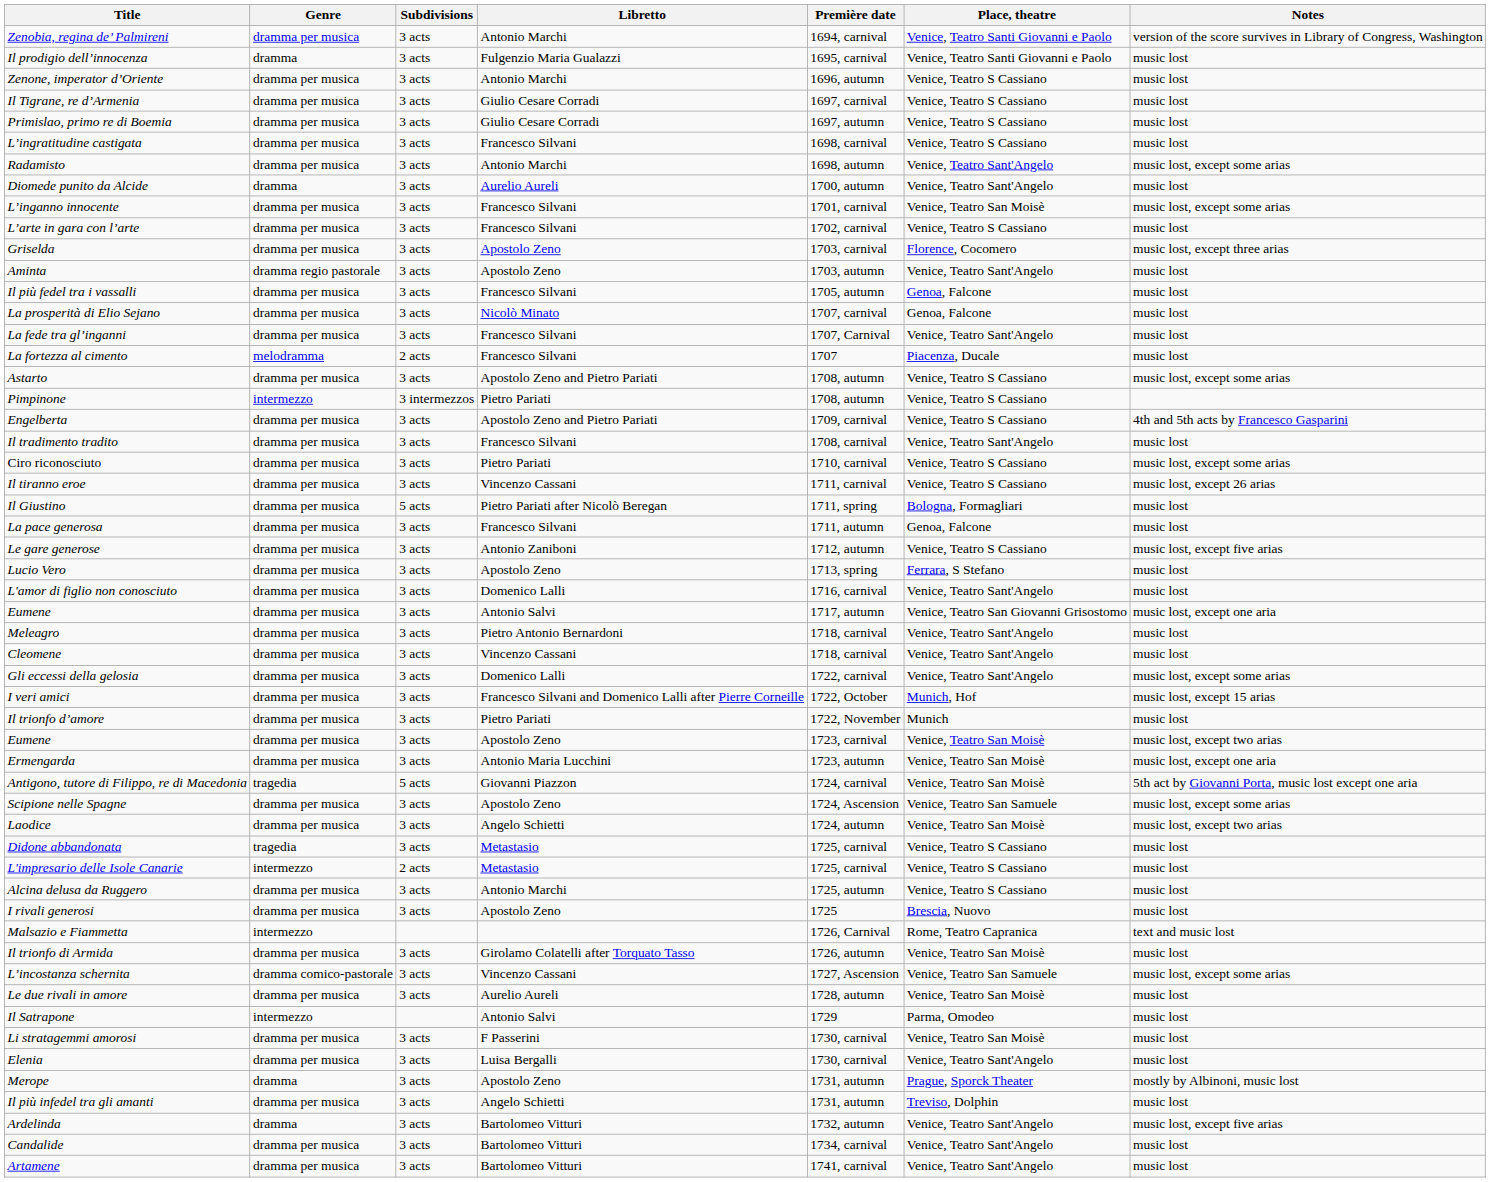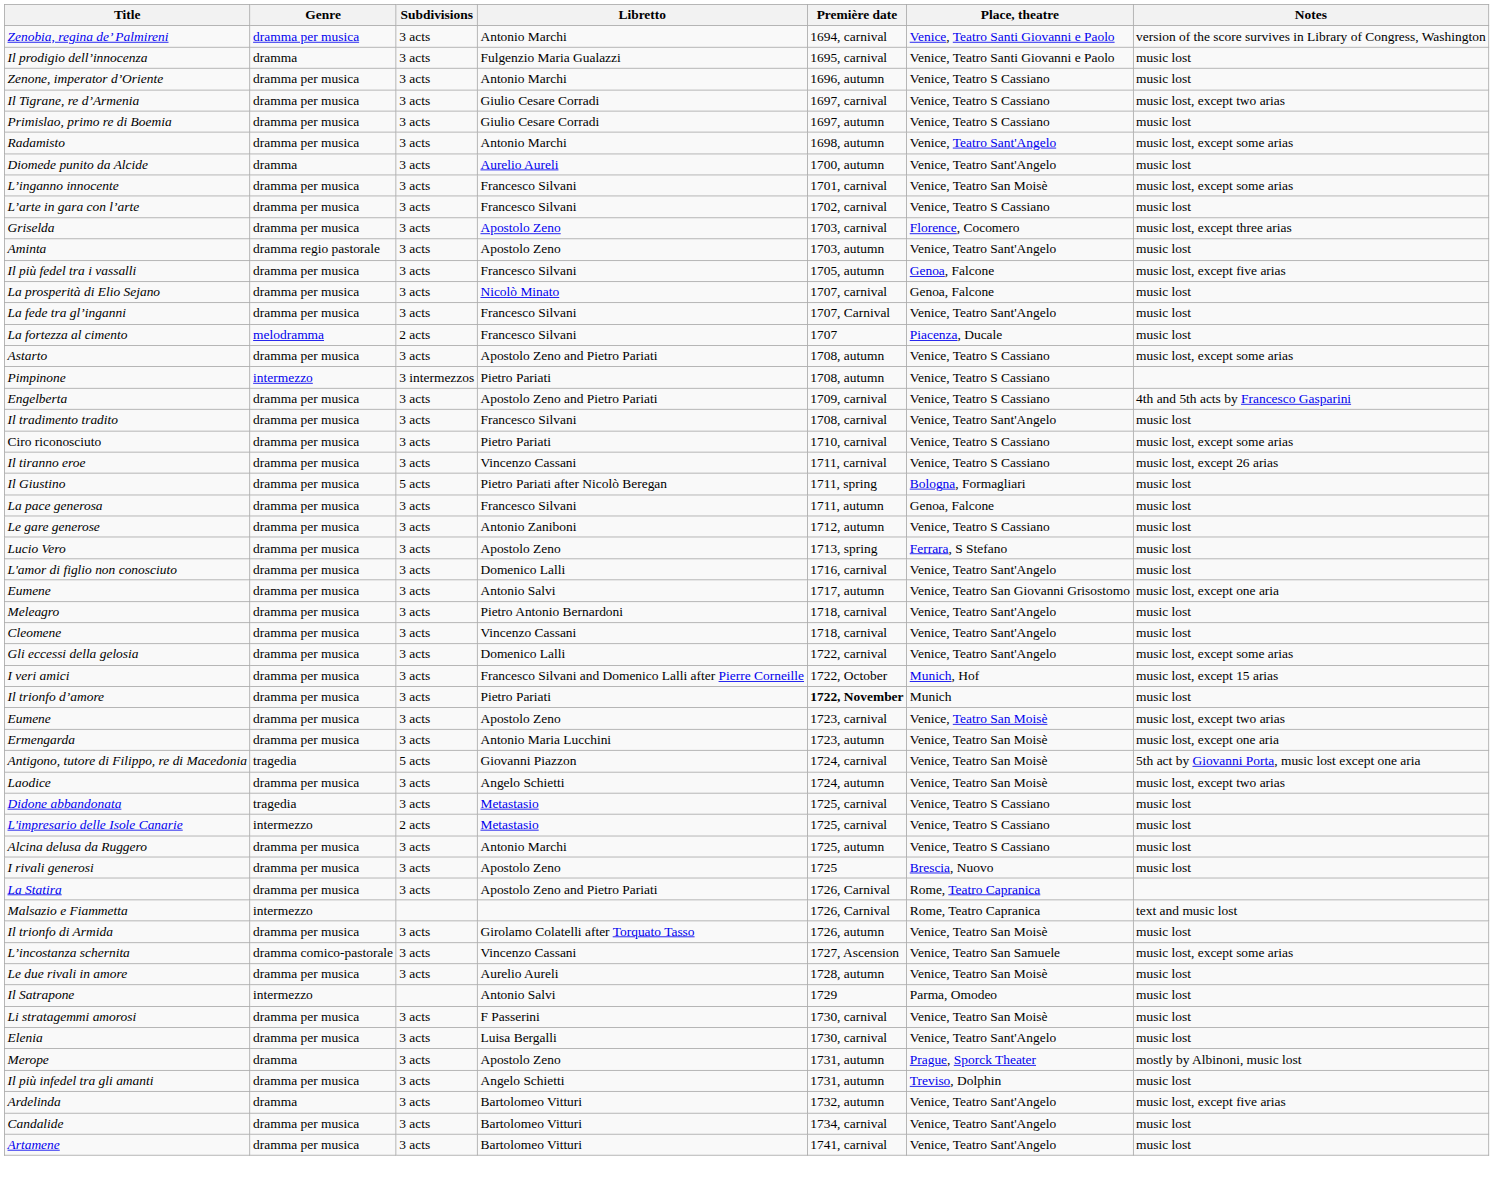 <table class="wikitable sortable" border="1">
 <tr>
 <th>Title</th>
 <th>Genre</th>
 <th>Sub­divisions</th>
 <th>Libretto</th>
 <th>Première date</th>
 <th>Place, theatre</th>
 <th class="unsortable">Notes</th>
 </tr>
 <tr>
 <td><em><a href='#'>Zenobia, regina de’ Palmireni</a></em></td>
 <td><a href='#'>dramma per musica</a></td>
 <td>3 acts</td>
 <td>Antonio Marchi</td>
 <td>1694, carnival</td>
 <td><a href='#'>Venice</a>, <a href='#'>Teatro Santi Giovanni e Paolo</a></td>
 <td>version of the score survives in Library of Congress, Washington</td>
 </tr>
 <tr>
 <td><em>Il prodigio dell’innocenza</em></td>
 <td>dramma</td>
 <td>3 acts</td>
 <td>Fulgenzio Maria Gualazzi</td>
 <td>1695, carnival</td>
 <td>Venice, Teatro Santi Giovanni e Paolo</td>
 <td>music lost</td>
 </tr>
 <tr>
 <td><em>Zenone, imperator d’Oriente</em></td>
 <td>dramma per musica</td>
 <td>3 acts</td>
 <td>Antonio Marchi</td>
 <td>1696, autumn</td>
 <td>Venice, Teatro S Cassiano</td>
 <td>music lost</td>
 </tr>
 <tr>
 <td><em>Il Tigrane, re d’Armenia</em></td>
 <td>dramma per musica</td>
 <td>3 acts</td>
 <td>Giulio Cesare Corradi</td>
 <td>1697, carnival</td>
 <td>Venice, Teatro S Cassiano</td>
-<td>music lost</td>
+<td>music lost, except two arias</td>
 </tr>
 <tr>
 <td><em>Primislao, primo re di Boemia</em></td>
 <td>dramma per musica</td>
 <td>3 acts</td>
 <td>Giulio Cesare Corradi</td>
 <td>1697, autumn</td>
-<td>Venice, Teatro S Cassiano</td>
-<td>music lost</td>
-</tr>
-<tr>
-<td><em>L’ingratitudine castigata</em></td>
-<td>dramma per musica</td>
-<td>3 acts</td>
-<td>Francesco Silvani</td>
-<td>1698, carnival</td>
 <td>Venice, Teatro S Cassiano</td>
 <td>music lost</td>
 </tr>
 <tr>
 <td><em>Radamisto</em></td>
 <td>dramma per musica</td>
 <td>3 acts</td>
 <td>Antonio Marchi</td>
 <td>1698, autumn</td>
 <td>Venice, <a href='#'>Teatro Sant'Angelo</a></td>
 <td>music lost, except some arias</td>
 </tr>
 <tr>
 <td><em>Diomede punito da Alcide</em></td>
 <td>dramma</td>
 <td>3 acts</td>
 <td> <a href='#'>Aurelio Aureli</a></td>
 <td>1700, autumn</td>
 <td>Venice, Teatro Sant'Angelo</td>
 <td>music lost</td>
 </tr>
 <tr>
 <td><em>L’inganno innocente</em></td>
 <td>dramma per musica</td>
 <td>3 acts</td>
 <td>Francesco Silvani</td>
 <td>1701, carnival</td>
 <td>Venice, Teatro San Moisè</td>
 <td>music lost, except some arias</td>
 </tr>
 <tr>
 <td><em>L’arte in gara con l’arte</em></td>
 <td>dramma per musica</td>
 <td>3 acts</td>
 <td>Francesco Silvani</td>
 <td>1702, carnival</td>
 <td>Venice, Teatro S Cassiano</td>
 <td>music lost</td>
 </tr>
 <tr>
 <td><em>Griselda</em></td>
 <td>dramma per musica</td>
 <td>3 acts</td>
 <td><a href='#'>Apostolo Zeno</a></td>
 <td>1703, carnival</td>
 <td><a href='#'>Florence</a>, Cocomero</td>
 <td>music lost, except three arias</td>
 </tr>
 <tr>
 <td><em>Aminta</em></td>
 <td>dramma regio pastorale</td>
 <td>3 acts</td>
 <td>Apostolo Zeno</td>
 <td>1703, autumn</td>
 <td>Venice, Teatro Sant'Angelo</td>
 <td>music lost</td>
 </tr>
 <tr>
 <td><em>Il più fedel tra i vassalli</em></td>
 <td>dramma per musica</td>
 <td>3 acts</td>
 <td>Francesco Silvani</td>
 <td>1705, autumn</td>
 <td><a href='#'>Genoa</a>, Falcone</td>
-<td>music lost</td>
+<td>music lost, except five arias</td>
 </tr>
 <tr>
 <td><em>La prosperità di Elio Sejano</em></td>
 <td>dramma per musica</td>
 <td>3 acts</td>
 <td><a href='#'>Nicolò Minato</a></td>
 <td>1707, carnival</td>
 <td>Genoa, Falcone</td>
 <td>music lost</td>
 </tr>
 <tr>
 <td><em>La fede tra gl’inganni</em></td>
 <td>dramma per musica</td>
 <td>3 acts</td>
 <td>Francesco Silvani</td>
 <td>1707, Carnival</td>
 <td>Venice, Teatro Sant'Angelo</td>
 <td>music lost</td>
 </tr>
 <tr>
 <td><em>La fortezza al cimento</em></td>
 <td><a href='#'>melodramma</a></td>
 <td>2 acts</td>
 <td>Francesco Silvani</td>
 <td>1707</td>
 <td><a href='#'>Piacenza</a>, Ducale</td>
 <td>music lost</td>
 </tr>
 <tr>
 <td><em>Astarto</em></td>
 <td>dramma per musica</td>
 <td>3 acts</td>
 <td>Apostolo Zeno and Pietro Pariati</td>
 <td>1708, autumn</td>
 <td>Venice, Teatro S Cassiano</td>
 <td>music lost, except some arias</td>
 </tr>
 <tr>
 <td><em>Pimpinone</em></td>
 <td><a href='#'>intermezzo</a></td>
 <td>3 intermezzos</td>
 <td>Pietro Pariati</td>
 <td>1708, autumn</td>
 <td>Venice, Teatro S Cassiano</td>
 <td></td>
 </tr>
 <tr>
 <td><em>Engelberta</em></td>
 <td>dramma per musica</td>
 <td>3 acts</td>
 <td>Apostolo Zeno and Pietro Pariati</td>
 <td>1709, carnival</td>
 <td>Venice, Teatro S Cassiano</td>
 <td>4th and 5th acts by <a href='#'>Francesco Gasparini</a></td>
 </tr>
 <tr>
 <td><em>Il tradimento tradito</em></td>
 <td>dramma per musica</td>
 <td>3 acts</td>
 <td>Francesco Silvani</td>
 <td>1708, carnival</td>
 <td>Venice, Teatro Sant'Angelo</td>
 <td>music lost</td>
 </tr>
 <tr>
 <td>Ciro riconosciuto</td>
 <td>dramma per musica</td>
 <td>3 acts</td>
 <td>Pietro Pariati</td>
 <td>1710, carnival</td>
 <td>Venice, Teatro S Cassiano</td>
 <td>music lost, except some arias</td>
 </tr>
 <tr>
 <td><em>Il tiranno eroe</em></td>
 <td>dramma per musica</td>
 <td>3 acts</td>
 <td>Vincenzo Cassani</td>
 <td>1711, carnival</td>
 <td>Venice, Teatro S Cassiano</td>
 <td>music lost, except 26 arias</td>
 </tr>
 <tr>
 <td><em>Il Giustino</em></td>
 <td>dramma per musica</td>
 <td>5 acts</td>
 <td>Pietro Pariati after Nicolò Beregan</td>
 <td>1711, spring</td>
 <td><a href='#'>Bologna</a>, Formagliari</td>
 <td>music lost</td>
 </tr>
 <tr>
 <td><em>La pace generosa</em></td>
 <td>dramma per musica</td>
 <td>3 acts</td>
 <td>Francesco Silvani</td>
 <td>1711, autumn</td>
 <td>Genoa, Falcone</td>
 <td>music lost</td>
 </tr>
 <tr>
 <td><em>Le gare generose</em></td>
 <td>dramma per musica</td>
 <td>3 acts</td>
 <td>Antonio Zaniboni</td>
 <td>1712, autumn</td>
 <td>Venice, Teatro S Cassiano</td>
-<td>music lost, except five arias</td>
+<td>music lost</td>
 </tr>
 <tr>
 <td><em>Lucio Vero</em></td>
 <td>dramma per musica</td>
 <td>3 acts</td>
 <td>Apostolo Zeno</td>
 <td>1713, spring</td>
 <td><a href='#'>Ferrara</a>, S Stefano</td>
 <td>music lost</td>
 </tr>
 <tr>
 <td><em>L'amor di figlio non conosciuto</em></td>
 <td>dramma per musica</td>
 <td>3 acts</td>
 <td>Domenico Lalli</td>
 <td>1716, carnival</td>
 <td>Venice, Teatro Sant'Angelo</td>
 <td>music lost</td>
 </tr>
 <tr>
 <td><em>Eumene</em></td>
 <td>dramma per musica</td>
 <td>3 acts</td>
 <td>Antonio Salvi</td>
 <td>1717, autumn</td>
 <td>Venice, Teatro San Giovanni Grisostomo</td>
 <td>music lost, except one aria</td>
 </tr>
 <tr>
 <td><em>Meleagro</em></td>
 <td>dramma per musica</td>
 <td>3 acts</td>
 <td>Pietro Antonio Bernardoni</td>
 <td>1718, carnival</td>
 <td>Venice, Teatro Sant'Angelo</td>
 <td>music lost</td>
 </tr>
 <tr>
 <td><em>Cleomene</em></td>
 <td>dramma per musica</td>
 <td>3 acts</td>
 <td>Vincenzo Cassani</td>
 <td>1718, carnival</td>
 <td>Venice, Teatro Sant'Angelo</td>
 <td>music lost</td>
 </tr>
 <tr>
 <td><em>Gli eccessi della gelosia</em></td>
 <td>dramma per musica</td>
 <td>3 acts</td>
 <td>Domenico Lalli</td>
 <td>1722, carnival</td>
 <td>Venice, Teatro Sant'Angelo</td>
 <td>music lost, except some arias</td>
 </tr>
 <tr>
 <td><em>I veri amici</em></td>
 <td>dramma per musica</td>
 <td>3 acts</td>
 <td>Francesco Silvani and Domenico Lalli after <a href='#'>Pierre Corneille</a></td>
 <td>1722, October</td>
 <td><a href='#'>Munich</a>, Hof</td>
 <td>music lost, except 15 arias</td>
 </tr>
 <tr>
 <td><em>Il trionfo d’amore</em></td>
 <td>dramma per musica</td>
 <td>3 acts</td>
 <td>Pietro Pariati</td>
-<td>1722, November</td>
+<td><strong>1722, November</strong></td>
 <td>Munich</td>
 <td>music lost</td>
 </tr>
 <tr>
 <td><em>Eumene</em></td>
 <td>dramma per musica</td>
 <td>3 acts</td>
 <td>Apostolo Zeno</td>
 <td>1723, carnival</td>
 <td>Venice, <a href='#'>Teatro San Moisè</a></td>
 <td>music lost, except two arias</td>
 </tr>
 <tr>
 <td><em>Ermengarda</em></td>
 <td>dramma per musica</td>
 <td>3 acts</td>
 <td>Antonio Maria Lucchini</td>
 <td>1723, autumn</td>
 <td>Venice, Teatro San Moisè</td>
 <td>music lost, except one aria</td>
 </tr>
 <tr>
 <td><em>Antigono, tutore di Filippo, re di Macedonia</em></td>
 <td>tragedia</td>
 <td>5 acts</td>
 <td>Giovanni Piazzon</td>
 <td>1724, carnival</td>
 <td>Venice, Teatro San Moisè</td>
 <td>5th act by <a href='#'>Giovanni Porta</a>, music lost except one aria</td>
-</tr>
-<tr>
-<td><em>Scipione nelle Spagne</em></td>
-<td>dramma per musica</td>
-<td>3 acts</td>
-<td>Apostolo Zeno</td>
-<td>1724, Ascension</td>
-<td>Venice, Teatro San Samuele</td>
-<td>music lost, except some arias</td>
 </tr>
 <tr>
 <td><em>Laodice</em></td>
 <td>dramma per musica</td>
 <td>3 acts</td>
 <td>Angelo Schietti</td>
 <td>1724, autumn</td>
 <td>Venice, Teatro San Moisè</td>
 <td>music lost, except two arias</td>
 </tr>
 <tr>
 <td><em><a href='#'>Didone abbandonata</a></em></td>
 <td>tragedia</td>
 <td>3 acts</td>
 <td><a href='#'>Metastasio</a></td>
 <td>1725, carnival</td>
 <td>Venice, Teatro S Cassiano</td>
 <td>music lost</td>
 </tr>
 <tr>
 <td><em><a href='#'>L'impresario delle Isole Canarie</a></em></td>
 <td>intermezzo</td>
 <td>2 acts</td>
 <td><a href='#'>Metastasio</a></td>
 <td>1725, carnival</td>
 <td>Venice, Teatro S Cassiano</td>
 <td>music lost</td>
 </tr>
 <tr>
 <td><em>Alcina delusa da Ruggero</em></td>
 <td>dramma per musica</td>
 <td>3 acts</td>
 <td>Antonio Marchi</td>
 <td>1725, autumn</td>
 <td>Venice, Teatro S Cassiano</td>
 <td>music lost</td>
 </tr>
 <tr>
 <td><em>I rivali generosi</em></td>
 <td>dramma per musica</td>
 <td>3 acts</td>
 <td>Apostolo Zeno</td>
 <td>1725</td>
 <td><a href='#'>Brescia</a>, Nuovo</td>
 <td>music lost</td>
+</tr>
+<tr>
+<td><em><a href='#'>La Statira</a></em></td>
+<td>dramma per musica</td>
+<td>3 acts</td>
+<td>Apostolo Zeno and Pietro Pariati</td>
+<td>1726, Carnival</td>
+<td>Rome, <a href='#'>Teatro Capranica</a></td>
+<td></td>
 </tr>
 <tr>
 <td><em>Malsazio e Fiammetta</em></td>
 <td>intermezzo</td>
 <td> </td>
 <td></td>
 <td>1726, Carnival</td>
 <td>Rome, Teatro Capranica</td>
 <td>text and music lost</td>
 </tr>
 <tr>
 <td><em>Il trionfo di Armida</em></td>
 <td>dramma per musica</td>
 <td>3 acts</td>
 <td>Girolamo Colatelli after <a href='#'>Torquato Tasso</a></td>
 <td>1726, autumn</td>
 <td>Venice, Teatro San Moisè</td>
 <td>music lost</td>
 </tr>
 <tr>
 <td><em>L’incostanza schernita</em></td>
 <td>dramma comico-pastorale</td>
 <td>3 acts</td>
 <td>Vincenzo Cassani</td>
 <td>1727, Ascension</td>
 <td>Venice, Teatro San Samuele</td>
 <td>music lost, except some arias</td>
 </tr>
 <tr>
 <td><em>Le due rivali in amore</em></td>
 <td>dramma per musica</td>
 <td>3 acts</td>
 <td>Aurelio Aureli</td>
 <td>1728, autumn</td>
 <td>Venice, Teatro San Moisè</td>
 <td>music lost</td>
 </tr>
 <tr>
 <td><em>Il Satrapone</em></td>
 <td>intermezzo</td>
 <td> </td>
 <td>Antonio Salvi</td>
 <td>1729</td>
 <td>Parma, Omodeo</td>
 <td>music lost</td>
 </tr>
 <tr>
 <td><em>Li stratagemmi amorosi</em></td>
 <td>dramma per musica</td>
 <td>3 acts</td>
 <td>F Passerini</td>
 <td>1730, carnival</td>
 <td>Venice, Teatro San Moisè</td>
 <td>music lost</td>
 </tr>
 <tr>
 <td><em>Elenia</em></td>
 <td>dramma per musica</td>
 <td>3 acts</td>
 <td>Luisa Bergalli</td>
 <td>1730, carnival</td>
 <td>Venice, Teatro Sant'Angelo</td>
 <td>music lost</td>
 </tr>
 <tr>
 <td><em>Merope</em></td>
 <td>dramma</td>
 <td>3 acts</td>
 <td>Apostolo Zeno</td>
 <td>1731, autumn</td>
 <td><a href='#'>Prague</a>, <a href='#'>Sporck Theater</a></td>
 <td>mostly by Albinoni, music lost</td>
 </tr>
 <tr>
 <td><em>Il più infedel tra gli amanti</em></td>
 <td>dramma per musica</td>
 <td>3 acts</td>
 <td>Angelo Schietti</td>
 <td>1731, autumn</td>
 <td><a href='#'>Treviso</a>, Dolphin</td>
 <td>music lost</td>
 </tr>
 <tr>
 <td><em>Ardelinda</em></td>
 <td>dramma</td>
 <td>3 acts</td>
 <td>Bartolomeo Vitturi</td>
 <td>1732, autumn</td>
 <td>Venice, Teatro Sant'Angelo</td>
 <td>music lost, except five arias</td>
 </tr>
 <tr>
 <td><em>Candalide</em></td>
 <td>dramma per musica</td>
 <td>3 acts</td>
 <td>Bartolomeo Vitturi</td>
 <td>1734, carnival</td>
 <td>Venice, Teatro Sant'Angelo</td>
 <td>music lost</td>
 </tr>
 <tr>
 <td><em><a href='#'>Artamene</a></em></td>
 <td>dramma per musica</td>
 <td>3 acts</td>
 <td>Bartolomeo Vitturi</td>
 <td>1741, carnival</td>
 <td>Venice, Teatro Sant'Angelo</td>
 <td>music lost</td>
 </tr>
 </table>
